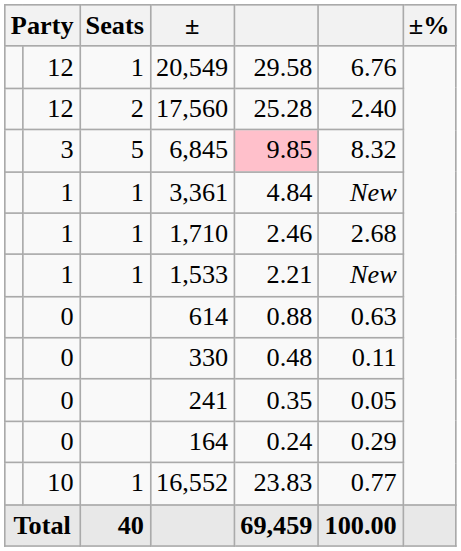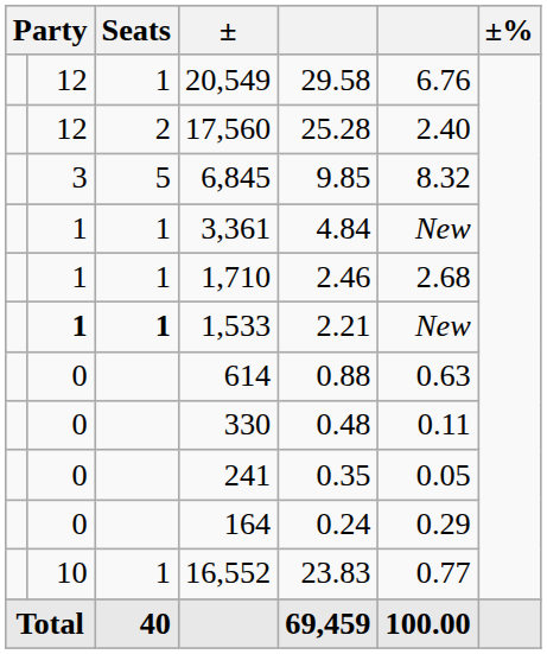 <table class=wikitable>
 <tr>
 <th colspan=2 align=center>Party</th>
 <th>Seats</th>
 <th>±</th>
 <th></th>
 <th></th>
 <th>±%</th>
 </tr>
 <tr>
 <td></td>
 <td align=right>12</td>
 <td align=right>1</td>
 <td align=right>20,549</td>
 <td align=right>29.58</td>
 <td align=right>6.76</td>
 </tr>
 <tr>
 <td></td>
 <td align=right>12</td>
 <td align=right>2</td>
 <td align=right>17,560</td>
 <td align=right>25.28</td>
 <td align=right>2.40</td>
 </tr>
 <tr>
 <td></td>
 <td align=right>3</td>
 <td align=right>5</td>
 <td align=right>6,845</td>
-<td align=right style="background: pink;">9.85</td>
+<td align=right>9.85</td>
 <td align=right>8.32</td>
 </tr>
 <tr>
 <td></td>
 <td align=right>1</td>
 <td align=right>1</td>
 <td align=right>3,361</td>
 <td align=right>4.84</td>
 <td align=right><em>New</em></td>
 </tr>
 <tr>
 <td></td>
 <td align=right>1</td>
 <td align=right>1</td>
 <td align=right>1,710</td>
 <td align=right>2.46</td>
 <td align=right>2.68</td>
 </tr>
 <tr>
 <td></td>
-<td align=right>1</td>
-<td align=right>1</td>
+<td align=right><strong>1</strong></td>
+<td align=right><strong>1</strong></td>
 <td align=right>1,533</td>
 <td align=right>2.21</td>
 <td align=right><em>New</em></td>
 </tr>
 <tr>
 <td></td>
 <td align=right>0</td>
 <td align=right></td>
 <td align=right>614</td>
 <td align=right>0.88</td>
 <td align=right>0.63</td>
 </tr>
 <tr>
 <td></td>
 <td align=right>0</td>
 <td align=right></td>
 <td align=right>330</td>
 <td align=right>0.48</td>
 <td align=right>0.11</td>
 </tr>
 <tr>
 <td></td>
 <td align=right>0</td>
 <td align=right></td>
 <td align=right>241</td>
 <td align=right>0.35</td>
 <td align=right>0.05</td>
 </tr>
 <tr>
 <td></td>
 <td align=right>0</td>
 <td align=right></td>
 <td align=right>164</td>
 <td align=right>0.24</td>
 <td align=right>0.29</td>
 </tr>
 <tr>
 <td></td>
 <td align=right>10</td>
 <td align=right>1</td>
 <td align=right>16,552</td>
 <td align=right>23.83</td>
 <td align=right>0.77</td>
 </tr>
 <tr style="font-weight:bold; background:rgb(232,232,232);">
 <td colspan=2 align=center>Total</td>
 <td align=right>40</td>
 <td align=center></td>
 <td align=right>69,459</td>
 <td align=center>100.00</td>
 <td align=center></td>
 </tr>
 </table>
